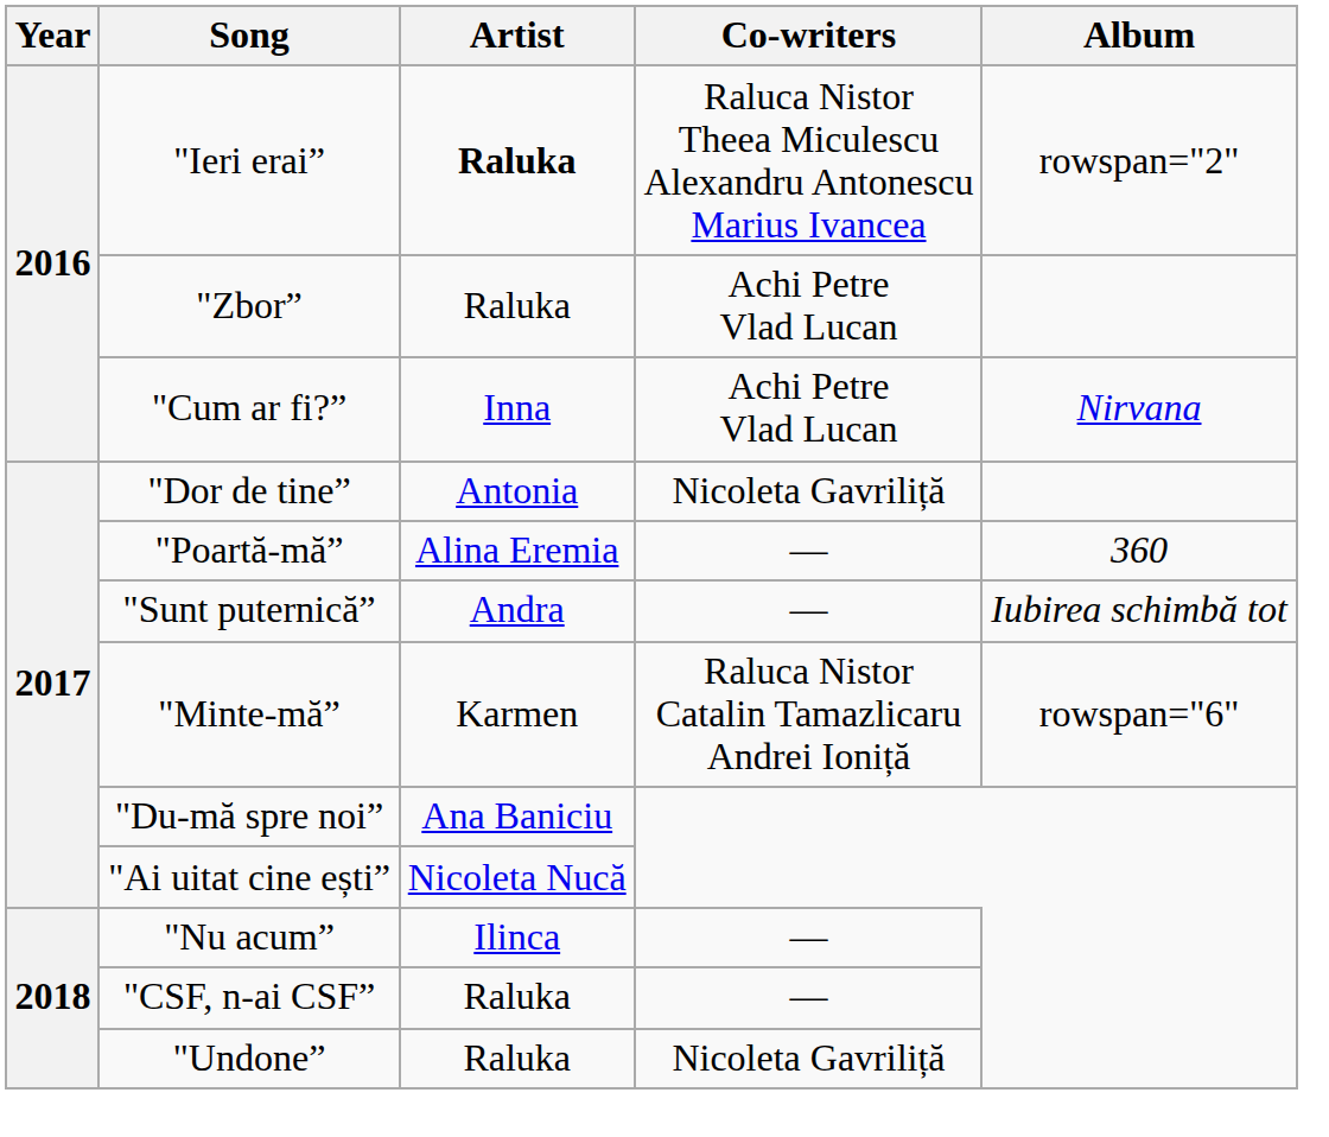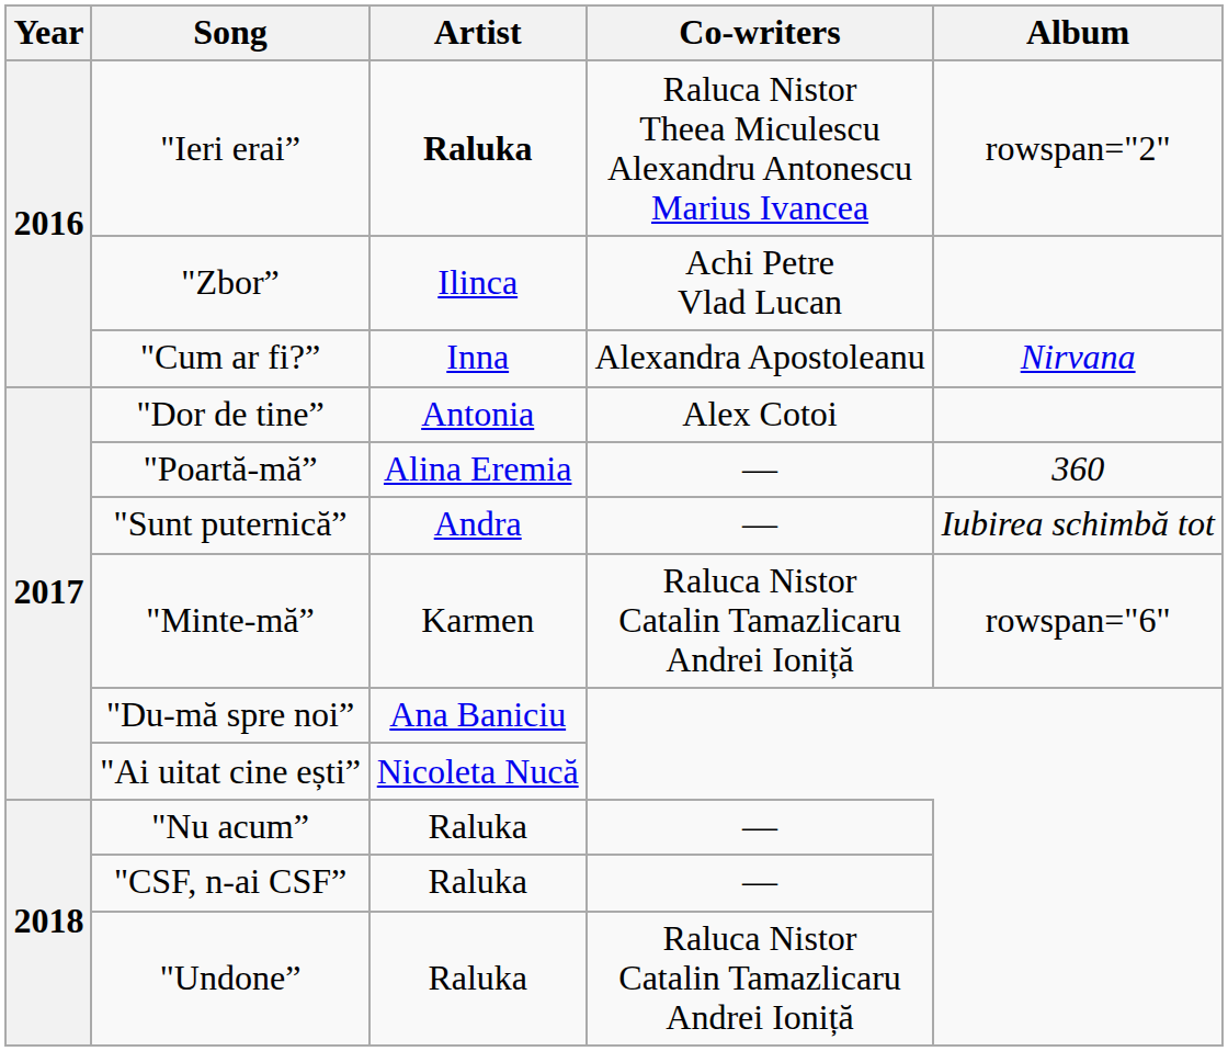 <table class="wikitable sortable plainrowheaders" style="text-align:center;">
 <tr>
 <th scope="col">Year</th>
 <th scope="col">Song</th>
 <th scope="col">Artist</th>
 <th scope="col" class="unsortable">Co-writers</th>
 <th scope="col" data-sort-type="text">Album</th>
 </tr>
 <tr>
 <th rowspan="3">2016</th>
 <td>"Ieri erai”</td>
 <td><strong>Raluka</strong></td>
 <td>Raluca Nistor<br> Theea Miculescu<br> Alexandru Antonescu<br> <a href='#'>Marius Ivancea</a></td>
 <td>rowspan="2" </td>
 </tr>
 <tr>
 <td>"Zbor”</td>
-<td>Raluka</td>
+<td><a href='#'>Ilinca</a></td>
 <td>Achi Petre<br> Vlad Lucan</td>
 </tr>
 <tr>
 <td>"Cum ar fi?”</td>
 <td><a href='#'>Inna</a></td>
-<td>Achi Petre<br> Vlad Lucan</td>
+<td>Alexandra Apostoleanu</td>
 <td><em><a href='#'>Nirvana</a></em></td>
 </tr>
 <tr>
 <th rowspan="6">2017</th>
 <td>"Dor de tine”</td>
 <td><a href='#'>Antonia</a></td>
-<td>Nicoleta Gavriliță</td>
+<td>Alex Cotoi</td>
 <td></td>
 </tr>
 <tr>
 <td>"Poartă-mă”</td>
 <td><a href='#'>Alina Eremia</a></td>
 <td>—</td>
 <td><em>360</em></td>
 </tr>
 <tr>
 <td>"Sunt puternică”</td>
 <td><a href='#'>Andra</a></td>
 <td>—</td>
 <td><em>Iubirea schimbă tot</em></td>
 </tr>
 <tr>
 <td>"Minte-mă”</td>
 <td>Karmen</td>
 <td>Raluca Nistor<br> Catalin Tamazlicaru<br> Andrei Ioniță</td>
 <td>rowspan="6" </td>
 </tr>
 <tr>
 <td>"Du-mă spre noi”</td>
 <td><a href='#'>Ana Baniciu</a></td>
 </tr>
 <tr>
 <td>"Ai uitat cine ești”</td>
 <td><a href='#'>Nicoleta Nucă</a></td>
 </tr>
 <tr>
 <th rowspan="3">2018</th>
 <td>"Nu acum”</td>
-<td><a href='#'>Ilinca</a></td>
+<td>Raluka</td>
 <td>—</td>
 </tr>
 <tr>
 <td>"CSF, n-ai CSF”</td>
 <td>Raluka</td>
 <td>—</td>
 </tr>
 <tr>
 <td>"Undone”</td>
 <td>Raluka</td>
-<td>Nicoleta Gavriliță</td>
+<td>Raluca Nistor<br> Catalin Tamazlicaru<br> Andrei Ioniță</td>
 </tr>
 </table>
